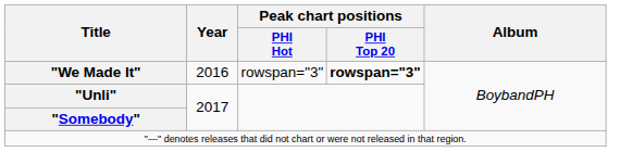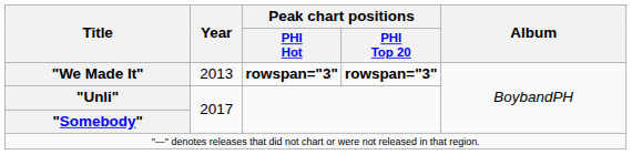 <table class="wikitable plainrowheaders" style="text-align:center;">
 <tr>
 <th scope="col" rowspan="2" style="width:12em;">Title</th>
 <th scope="col" rowspan="2" style="width:3em;">Year</th>
 <th scope="col" colspan="2">Peak chart positions</th>
 <th scope="col" rowspan="2" style="width:12em;">Album</th>
 </tr>
 <tr>
 <th scope="col" style="width:3em;font-size:85%;"><a href='#'>PHI<br>Hot</a></th>
 <th scope="col" style="width:3em;font-size:85%;"><a href='#'>PHI<br>Top 20</a></th>
 </tr>
 <tr>
 <th scope="row">"We Made It"</th>
-<td>2016</td>
-<td>rowspan="3" </td>
+<td>2013</td>
+<td><strong>rowspan="3" </strong></td>
 <td><strong>rowspan="3" </strong></td>
 <td rowspan="3"><em>BoybandPH</em></td>
 </tr>
 <tr>
 <th scope="row">"Unli"</th>
 <td rowspan="2">2017</td>
 </tr>
 <tr>
 <th scope="row">"<a href='#'>Somebody</a>"</th>
 </tr>
 <tr>
 <td colspan="5" style="font-size:8pt">"—" denotes releases that did not chart or were not released in that region.</td>
 </tr>
 </table>
